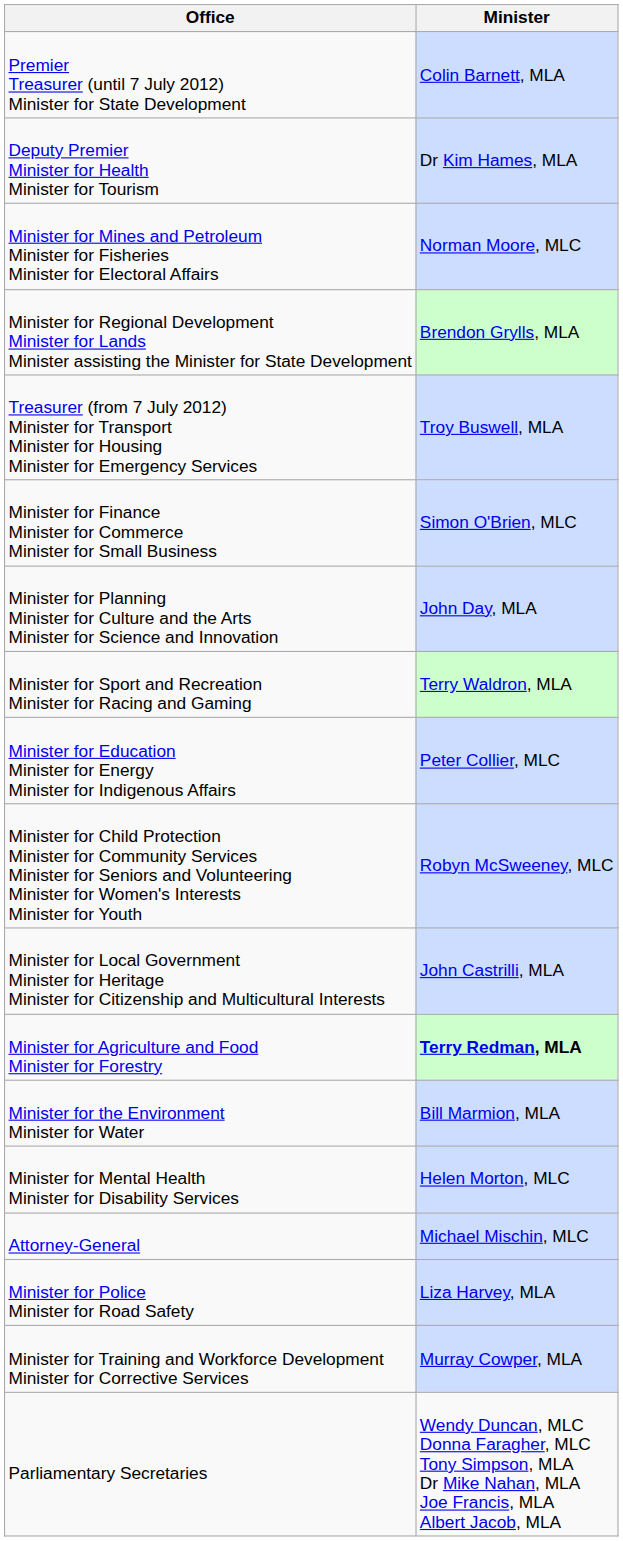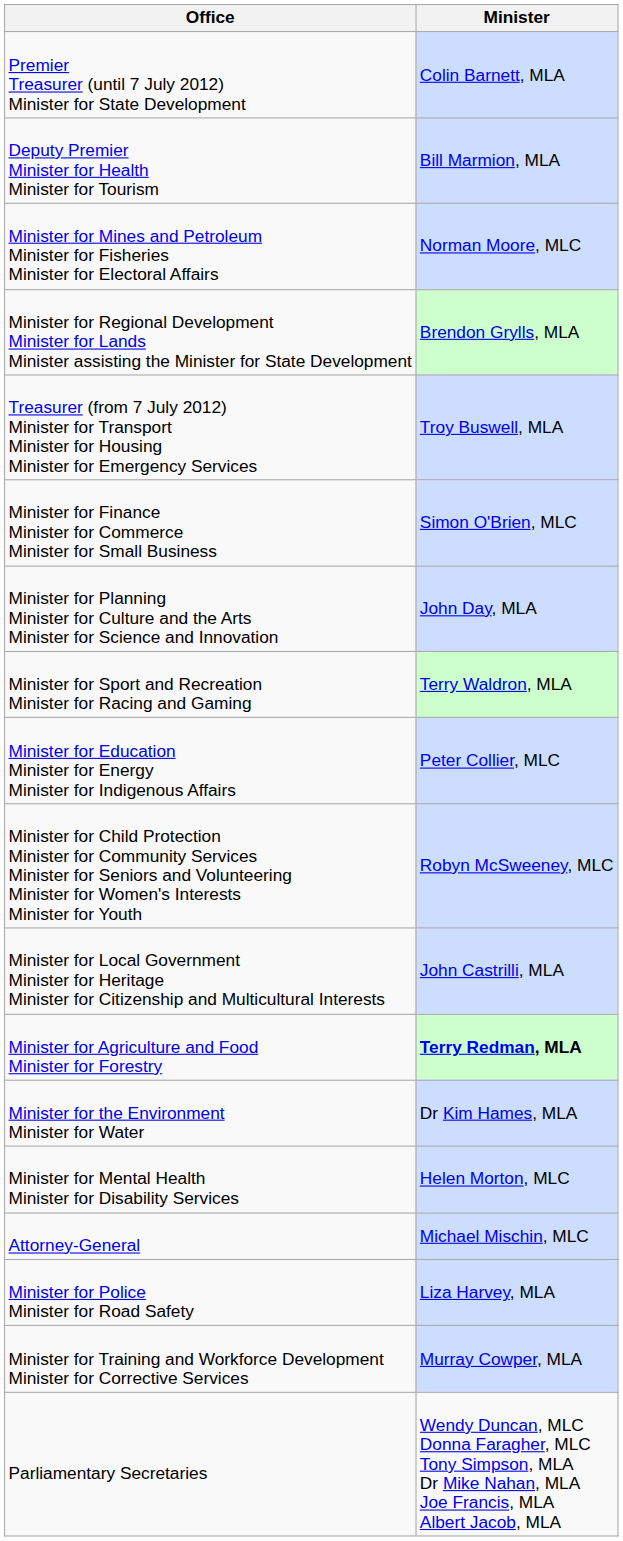 <table class="wikitable sortable">
 <tr>
 <th>Office</th>
 <th>Minister</th>
 </tr>
 <tr>
 <td><br><a href='#'>Premier</a><br> <a href='#'>Treasurer</a> (until 7 July 2012)<br> Minister for State Development</td>
 <td style="background:#CCDDFF"><a href='#'>Colin Barnett</a>, MLA</td>
 </tr>
 <tr>
 <td><br><a href='#'>Deputy Premier</a><br> <a href='#'>Minister for Health</a><br> Minister for Tourism</td>
-<td style="background:#CCDDFF">Dr <a href='#'>Kim Hames</a>, MLA</td>
+<td style="background:#CCDDFF"><a href='#'>Bill Marmion</a>, MLA</td>
 </tr>
 <tr>
 <td><br><a href='#'>Minister for Mines and Petroleum</a><br> Minister for Fisheries<br> Minister for Electoral Affairs</td>
 <td style="background:#CCDDFF"><a href='#'>Norman Moore</a>, MLC</td>
 </tr>
 <tr>
 <td><br>Minister for Regional Development<br> <a href='#'>Minister for Lands</a><br> Minister assisting the Minister for State Development</td>
 <td style="background:#CCFFCC"><a href='#'>Brendon Grylls</a>, MLA</td>
 </tr>
 <tr>
 <td><br><a href='#'>Treasurer</a> (from 7 July 2012)<br> Minister for Transport<br> Minister for Housing<br> Minister for Emergency Services</td>
 <td style="background:#CCDDFF"><a href='#'>Troy Buswell</a>, MLA<br></td>
 </tr>
 <tr>
 <td><br>Minister for Finance<br> Minister for Commerce<br> Minister for Small Business</td>
 <td style="background:#CCDDFF"><a href='#'>Simon O'Brien</a>, MLC</td>
 </tr>
 <tr>
 <td><br>Minister for Planning<br> Minister for Culture and the Arts<br> Minister for Science and Innovation</td>
 <td style="background:#CCDDFF"><a href='#'>John Day</a>, MLA</td>
 </tr>
 <tr>
 <td><br>Minister for Sport and Recreation<br> Minister for Racing and Gaming</td>
 <td style="background:#CCFFCC"><a href='#'>Terry Waldron</a>, MLA</td>
 </tr>
 <tr>
 <td><br><a href='#'>Minister for Education</a><br> Minister for Energy<br> Minister for Indigenous Affairs</td>
 <td style="background:#CCDDFF"><a href='#'>Peter Collier</a>, MLC</td>
 </tr>
 <tr>
 <td><br>Minister for Child Protection<br> Minister for Community Services<br> Minister for Seniors and Volunteering<br> Minister for Women's Interests<br> Minister for Youth</td>
 <td style="background:#CCDDFF"><a href='#'>Robyn McSweeney</a>, MLC</td>
 </tr>
 <tr>
 <td><br>Minister for Local Government<br> Minister for Heritage<br> Minister for Citizenship and Multicultural Interests</td>
 <td style="background:#CCDDFF"><a href='#'>John Castrilli</a>, MLA</td>
 </tr>
 <tr>
 <td><br><a href='#'>Minister for Agriculture and Food</a><br> <a href='#'>Minister for Forestry</a></td>
 <td style="background:#CCFFCC"><strong><a href='#'>Terry Redman</a>, MLA</strong></td>
 </tr>
 <tr>
 <td><br><a href='#'>Minister for the Environment</a><br> Minister for Water</td>
-<td style="background:#CCDDFF"><a href='#'>Bill Marmion</a>, MLA</td>
+<td style="background:#CCDDFF">Dr <a href='#'>Kim Hames</a>, MLA</td>
 </tr>
 <tr>
 <td><br>Minister for Mental Health<br> Minister for Disability Services</td>
 <td style="background:#CCDDFF"><a href='#'>Helen Morton</a>, MLC</td>
 </tr>
 <tr>
 <td><br><a href='#'>Attorney-General</a></td>
 <td style="background:#CCDDFF"><a href='#'>Michael Mischin</a>, MLC</td>
 </tr>
 <tr>
 <td><br><a href='#'>Minister for Police</a><br> Minister for Road Safety</td>
 <td style="background:#CCDDFF"><a href='#'>Liza Harvey</a>, MLA</td>
 </tr>
 <tr>
 <td><br>Minister for Training and Workforce Development<br> Minister for Corrective Services</td>
 <td style="background:#CCDDFF"><a href='#'>Murray Cowper</a>, MLA</td>
 </tr>
 <tr>
 <td><br>Parliamentary Secretaries</td>
 <td><br><span><a href='#'>Wendy Duncan</a>, MLC</span><br> <span><a href='#'>Donna Faragher</a>, MLC<br> <a href='#'>Tony Simpson</a>, MLA<br> Dr <a href='#'>Mike Nahan</a>, MLA<br> <a href='#'>Joe Francis</a>, MLA<br> <a href='#'>Albert Jacob</a>, MLA </span></td>
 </tr>
 </table>
